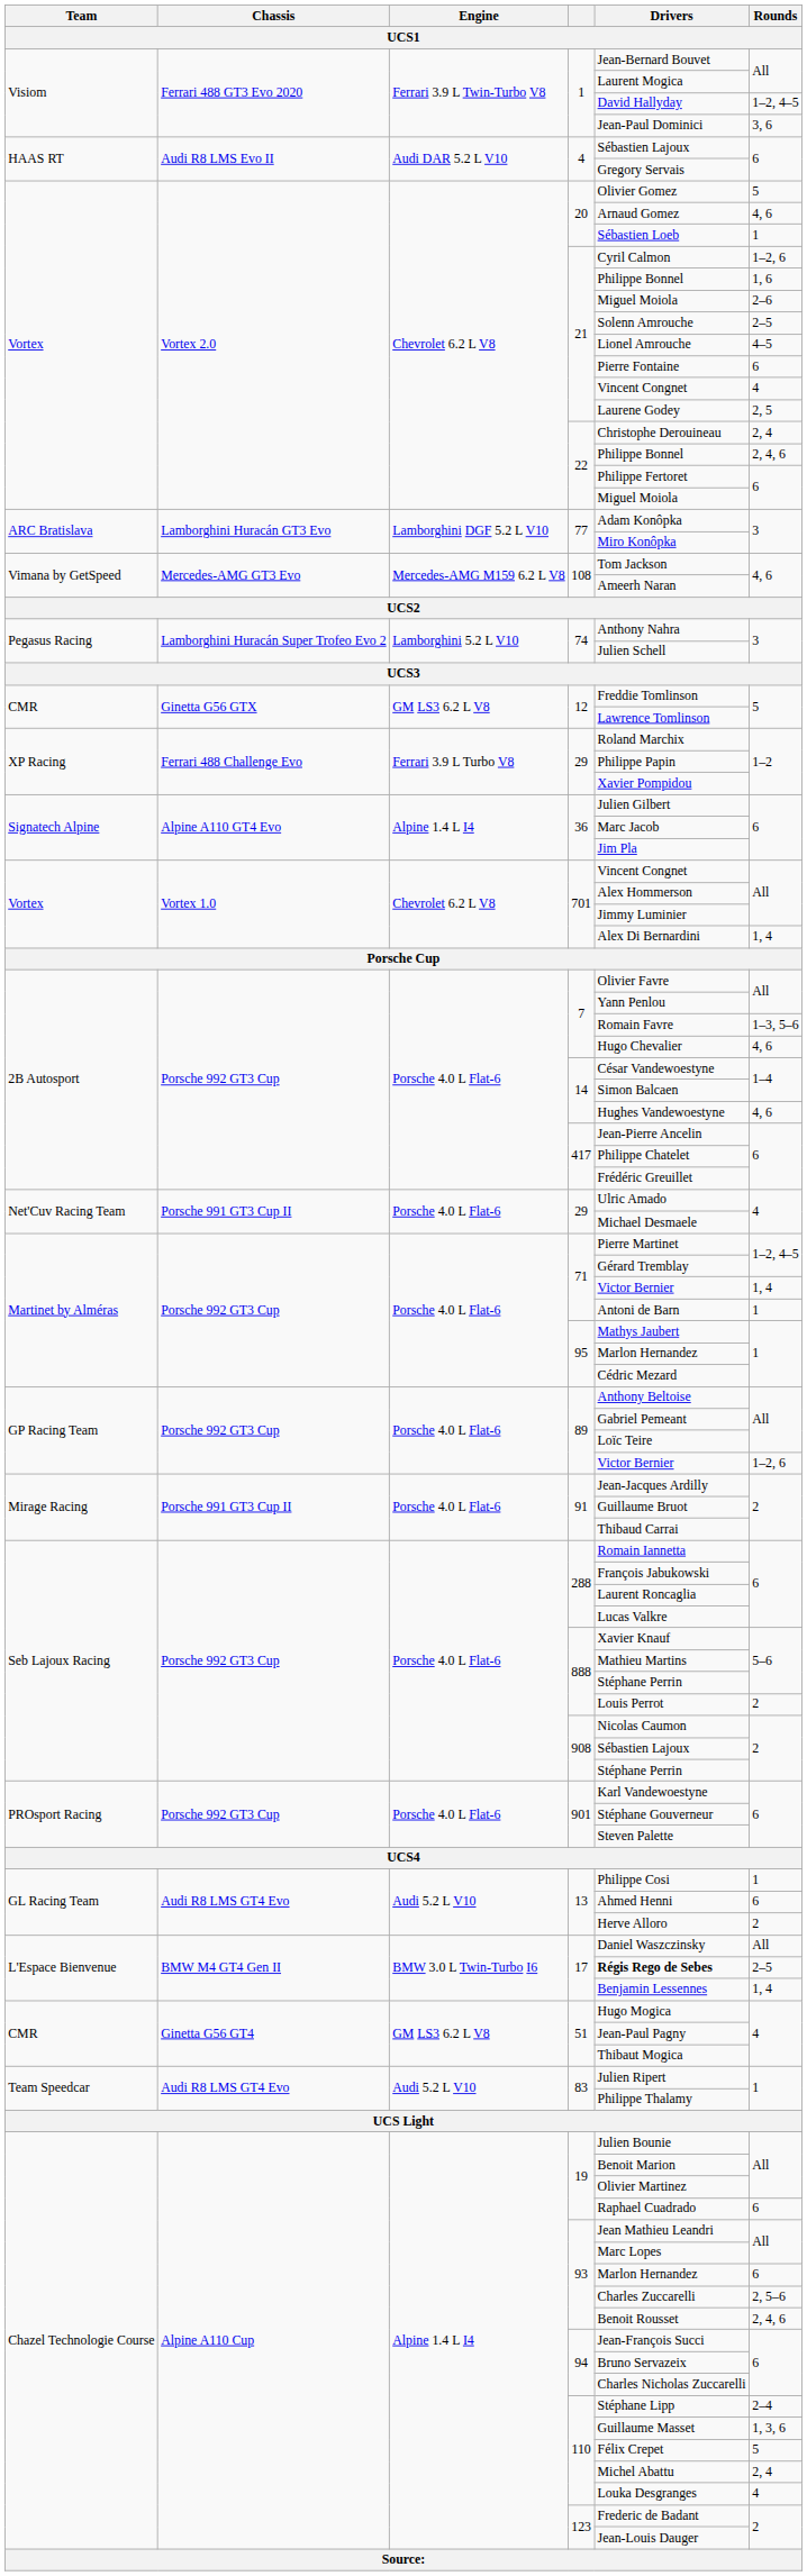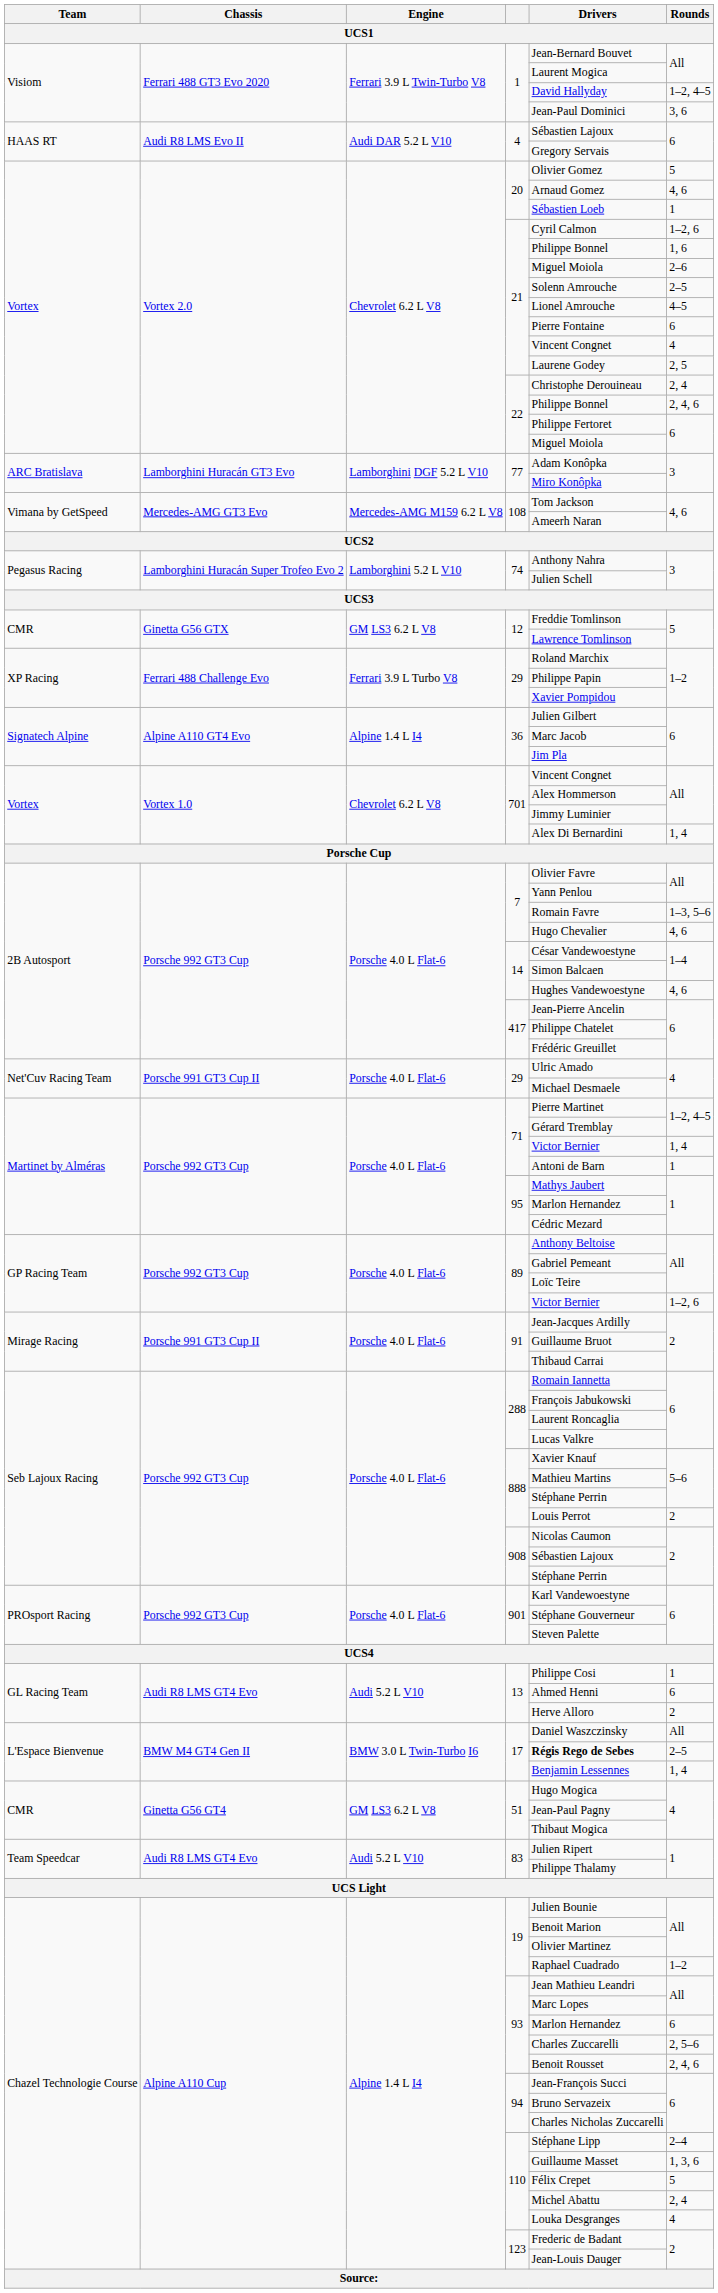 <table class="wikitable" style="font-size: 85%;">
 <tr>
 <th>Team</th>
 <th>Chassis</th>
 <th>Engine</th>
 <th></th>
 <th>Drivers</th>
 <th>Rounds</th>
 </tr>
 <tr>
 <th colspan=6>UCS1</th>
 </tr>
 <tr>
 <td rowspan=4> Visiom</td>
 <td rowspan=4><a href='#'>Ferrari 488 GT3 Evo 2020</a></td>
 <td rowspan=4><a href='#'>Ferrari</a> 3.9 L <a href='#'>Twin-Turbo</a> <a href='#'>V8</a></td>
 <td rowspan=4 align="center">1</td>
 <td> Jean-Bernard Bouvet</td>
 <td rowspan=2>All</td>
 </tr>
 <tr>
 <td> Laurent Mogica</td>
 </tr>
 <tr>
 <td> <a href='#'>David Hallyday</a></td>
 <td>1–2, 4–5</td>
 </tr>
 <tr>
 <td> Jean-Paul Dominici</td>
 <td>3, 6</td>
 </tr>
 <tr>
 <td rowspan=2> HAAS RT</td>
 <td rowspan=2><a href='#'>Audi R8 LMS Evo II</a></td>
 <td rowspan=2><a href='#'>Audi DAR</a> 5.2 L <a href='#'>V10</a></td>
 <td rowspan=2 align="center">4</td>
 <td> Sébastien Lajoux</td>
 <td rowspan=2>6</td>
 </tr>
 <tr>
 <td> Gregory Servais</td>
 </tr>
 <tr>
 <td rowspan=15> <a href='#'>Vortex</a></td>
 <td rowspan=15><a href='#'>Vortex 2.0</a></td>
 <td rowspan=15><a href='#'>Chevrolet</a> 6.2 L <a href='#'>V8</a></td>
 <td rowspan=3 align=center>20</td>
 <td> Olivier Gomez</td>
 <td>5</td>
 </tr>
 <tr>
 <td> Arnaud Gomez</td>
 <td>4, 6</td>
 </tr>
 <tr>
 <td> <a href='#'>Sébastien Loeb</a></td>
 <td>1</td>
 </tr>
 <tr>
 <td rowspan=8 align=center>21</td>
 <td> Cyril Calmon</td>
 <td>1–2, 6</td>
 </tr>
 <tr>
 <td> Philippe Bonnel</td>
 <td>1, 6</td>
 </tr>
 <tr>
 <td> Miguel Moiola</td>
 <td>2–6</td>
 </tr>
 <tr>
 <td> Solenn Amrouche</td>
 <td>2–5</td>
 </tr>
 <tr>
 <td> Lionel Amrouche</td>
 <td>4–5</td>
 </tr>
 <tr>
 <td> Pierre Fontaine</td>
 <td>6</td>
 </tr>
 <tr>
 <td> Vincent Congnet</td>
 <td>4</td>
 </tr>
 <tr>
 <td> Laurene Godey</td>
 <td>2, 5</td>
 </tr>
 <tr>
 <td rowspan=4 align=center>22</td>
 <td> Christophe Derouineau</td>
 <td>2, 4</td>
 </tr>
 <tr>
 <td> Philippe Bonnel</td>
 <td>2, 4, 6</td>
 </tr>
 <tr>
 <td> Philippe Fertoret</td>
 <td rowspan=2>6</td>
 </tr>
 <tr>
 <td> Miguel Moiola</td>
 </tr>
 <tr>
 <td rowspan=2> <a href='#'>ARC Bratislava</a></td>
 <td rowspan=2><a href='#'>Lamborghini Huracán GT3 Evo</a></td>
 <td rowspan=2><a href='#'>Lamborghini</a> <a href='#'>DGF</a> 5.2 L <a href='#'>V10</a></td>
 <td rowspan=2 align="center">77</td>
 <td> Adam Konôpka</td>
 <td rowspan=2>3</td>
 </tr>
 <tr>
 <td> <a href='#'>Miro Konôpka</a></td>
 </tr>
 <tr>
 <td rowspan=2> Vimana by GetSpeed</td>
 <td rowspan=2><a href='#'>Mercedes-AMG GT3 Evo</a></td>
 <td rowspan=2><a href='#'>Mercedes-AMG M159</a> 6.2 L <a href='#'>V8</a></td>
 <td rowspan=2 align=center>108</td>
 <td> Tom Jackson</td>
 <td rowspan=2>4, 6</td>
 </tr>
 <tr>
 <td> Ameerh Naran</td>
 </tr>
 <tr>
 <th colspan=6>UCS2</th>
 </tr>
 <tr>
 <td rowspan=2> Pegasus Racing</td>
 <td rowspan=2><a href='#'>Lamborghini Huracán Super Trofeo Evo 2</a></td>
 <td rowspan=2><a href='#'>Lamborghini</a> 5.2 L <a href='#'>V10</a></td>
 <td rowspan=2 align="center">74</td>
 <td> Anthony Nahra</td>
 <td rowspan=2>3</td>
 </tr>
 <tr>
 <td> Julien Schell</td>
 </tr>
 <tr>
 <th colspan=6>UCS3</th>
 </tr>
 <tr>
 <td rowspan=2> CMR</td>
 <td rowspan=2><a href='#'>Ginetta G56 GTX</a></td>
 <td rowspan=2><a href='#'>GM</a> <a href='#'>LS3</a> 6.2 L <a href='#'>V8</a></td>
 <td rowspan=2 align=center>12</td>
 <td> Freddie Tomlinson</td>
 <td rowspan=2>5</td>
 </tr>
 <tr>
 <td> <a href='#'>Lawrence Tomlinson</a></td>
 </tr>
 <tr>
 <td rowspan=3> XP Racing</td>
 <td rowspan=3><a href='#'>Ferrari 488 Challenge Evo</a></td>
 <td rowspan=3><a href='#'>Ferrari</a> 3.9 L Turbo <a href='#'>V8</a></td>
 <td rowspan=3 align="center">29</td>
 <td> Roland Marchix</td>
 <td rowspan=3>1–2</td>
 </tr>
 <tr>
 <td> Philippe Papin</td>
 </tr>
 <tr>
 <td> <a href='#'>Xavier Pompidou</a></td>
 </tr>
 <tr>
 <td rowspan=3> <a href='#'>Signatech Alpine</a></td>
 <td rowspan=3><a href='#'>Alpine A110 GT4 Evo</a></td>
 <td rowspan=3><a href='#'>Alpine</a> 1.4 L <a href='#'>I4</a></td>
 <td rowspan=3 align=center>36</td>
 <td> Julien Gilbert</td>
 <td rowspan=3>6</td>
 </tr>
 <tr>
 <td> Marc Jacob</td>
 </tr>
 <tr>
 <td> <a href='#'>Jim Pla</a></td>
 </tr>
 <tr>
 <td rowspan=4> <a href='#'>Vortex</a></td>
 <td rowspan=4><a href='#'>Vortex 1.0</a></td>
 <td rowspan=4><a href='#'>Chevrolet</a> 6.2 L <a href='#'>V8</a></td>
 <td rowspan=4 align=center>701</td>
 <td> Vincent Congnet</td>
 <td rowspan=3>All</td>
 </tr>
 <tr>
 <td> Alex Hommerson</td>
 </tr>
 <tr>
 <td> Jimmy Luminier</td>
 </tr>
 <tr>
 <td> Alex Di Bernardini</td>
 <td>1, 4</td>
 </tr>
 <tr>
 <th colspan=6>Porsche Cup</th>
 </tr>
 <tr>
 <td rowspan=10> 2B Autosport</td>
 <td rowspan=10><a href='#'>Porsche 992 GT3 Cup</a></td>
 <td rowspan=10><a href='#'>Porsche</a> 4.0 L <a href='#'>Flat-6</a></td>
 <td rowspan=4 align=center>7</td>
 <td> Olivier Favre</td>
 <td rowspan=2>All</td>
 </tr>
 <tr>
 <td> Yann Penlou</td>
 </tr>
 <tr>
 <td> Romain Favre</td>
 <td>1–3, 5–6</td>
 </tr>
 <tr>
 <td> Hugo Chevalier</td>
 <td>4, 6</td>
 </tr>
 <tr>
 <td rowspan=3 align=center>14</td>
 <td> César Vandewoestyne</td>
 <td rowspan=2>1–4</td>
 </tr>
 <tr>
 <td> Simon Balcaen</td>
 </tr>
 <tr>
 <td> Hughes Vandewoestyne</td>
 <td>4, 6</td>
 </tr>
 <tr>
 <td rowspan=3 align=center>417</td>
 <td> Jean-Pierre Ancelin</td>
 <td rowspan=3>6</td>
 </tr>
 <tr>
 <td> Philippe Chatelet</td>
 </tr>
 <tr>
 <td> Frédéric Greuillet</td>
 </tr>
 <tr>
 <td rowspan=2> Net'Cuv Racing Team</td>
 <td rowspan=2><a href='#'>Porsche 991 GT3 Cup II</a></td>
 <td rowspan=2><a href='#'>Porsche</a> 4.0 L <a href='#'>Flat-6</a></td>
 <td rowspan=2 align=center>29</td>
 <td> Ulric Amado</td>
 <td rowspan=2>4</td>
 </tr>
 <tr>
 <td> Michael Desmaele</td>
 </tr>
 <tr>
 <td rowspan=7> <a href='#'>Martinet by Alméras</a></td>
 <td rowspan=7><a href='#'>Porsche 992 GT3 Cup</a></td>
 <td rowspan=7><a href='#'>Porsche</a> 4.0 L <a href='#'>Flat-6</a></td>
 <td rowspan=4 align=center>71</td>
 <td> Pierre Martinet</td>
 <td rowspan=2>1–2, 4–5</td>
 </tr>
 <tr>
 <td> Gérard Tremblay</td>
 </tr>
 <tr>
 <td> <a href='#'>Victor Bernier</a></td>
 <td>1, 4</td>
 </tr>
 <tr>
 <td> Antoni de Barn</td>
 <td>1</td>
 </tr>
 <tr>
 <td rowspan=3 align=center>95</td>
 <td> <a href='#'>Mathys Jaubert</a></td>
 <td rowspan=3>1</td>
 </tr>
 <tr>
 <td> Marlon Hernandez</td>
 </tr>
 <tr>
 <td> Cédric Mezard</td>
 </tr>
 <tr>
 <td rowspan=4> GP Racing Team</td>
 <td rowspan=4><a href='#'>Porsche 992 GT3 Cup</a></td>
 <td rowspan=4><a href='#'>Porsche</a> 4.0 L <a href='#'>Flat-6</a></td>
 <td rowspan=4 align=center>89</td>
 <td> <a href='#'>Anthony Beltoise</a></td>
 <td rowspan=3>All</td>
 </tr>
 <tr>
 <td> Gabriel Pemeant</td>
 </tr>
 <tr>
 <td> Loïc Teire</td>
 </tr>
 <tr>
 <td> <a href='#'>Victor Bernier</a></td>
 <td>1–2, 6</td>
 </tr>
 <tr>
 <td rowspan=3> Mirage Racing</td>
 <td rowspan=3><a href='#'>Porsche 991 GT3 Cup II</a></td>
 <td rowspan=3><a href='#'>Porsche</a> 4.0 L <a href='#'>Flat-6</a></td>
 <td rowspan=3 align=center>91</td>
 <td> Jean-Jacques Ardilly</td>
 <td rowspan=3>2</td>
 </tr>
 <tr>
 <td> Guillaume Bruot</td>
 </tr>
 <tr>
 <td> Thibaud Carrai</td>
 </tr>
 <tr>
 <td rowspan=11> Seb Lajoux Racing</td>
 <td rowspan=11><a href='#'>Porsche 992 GT3 Cup</a></td>
 <td rowspan=11><a href='#'>Porsche</a> 4.0 L <a href='#'>Flat-6</a></td>
 <td rowspan=4 align=center>288</td>
 <td> <a href='#'>Romain Iannetta</a></td>
 <td rowspan=4>6</td>
 </tr>
 <tr>
 <td> François Jabukowski</td>
 </tr>
 <tr>
 <td> Laurent Roncaglia</td>
 </tr>
 <tr>
 <td> Lucas Valkre</td>
 </tr>
 <tr>
 <td rowspan=4 align=center>888</td>
 <td> Xavier Knauf</td>
 <td rowspan=3>5–6</td>
 </tr>
 <tr>
 <td> Mathieu Martins</td>
 </tr>
 <tr>
 <td> Stéphane Perrin</td>
 </tr>
 <tr>
 <td> Louis Perrot</td>
 <td>2</td>
 </tr>
 <tr>
 <td rowspan=3 align=center>908</td>
 <td> Nicolas Caumon</td>
 <td rowspan=3>2</td>
 </tr>
 <tr>
 <td> Sébastien Lajoux</td>
 </tr>
 <tr>
 <td> Stéphane Perrin</td>
 </tr>
 <tr>
 <td rowspan=3> PROsport Racing</td>
 <td rowspan=3><a href='#'>Porsche 992 GT3 Cup</a></td>
 <td rowspan=3><a href='#'>Porsche</a> 4.0 L <a href='#'>Flat-6</a></td>
 <td rowspan=3 align=center>901</td>
 <td> Karl Vandewoestyne</td>
 <td rowspan=3>6</td>
 </tr>
 <tr>
 <td> Stéphane Gouverneur</td>
 </tr>
 <tr>
 <td> Steven Palette</td>
 </tr>
 <tr>
 <th colspan=6>UCS4</th>
 </tr>
 <tr>
 <td rowspan=3> GL Racing Team</td>
 <td rowspan=3><a href='#'>Audi R8 LMS GT4 Evo</a></td>
 <td rowspan=3><a href='#'>Audi</a> 5.2 L <a href='#'>V10</a></td>
 <td rowspan=3 align=center>13</td>
 <td> Philippe Cosi</td>
 <td>1</td>
 </tr>
 <tr>
 <td> Ahmed Henni</td>
 <td>6</td>
 </tr>
 <tr>
 <td> Herve Alloro</td>
 <td>2</td>
 </tr>
 <tr>
 <td rowspan=3> L'Espace Bienvenue</td>
 <td rowspan=3><a href='#'>BMW M4 GT4 Gen II</a></td>
 <td rowspan=3><a href='#'>BMW</a> 3.0 L <a href='#'>Twin-Turbo</a> <a href='#'>I6</a></td>
 <td rowspan=3 align=center>17</td>
 <td> Daniel Waszczinsky</td>
 <td>All</td>
 </tr>
 <tr>
 <td><strong> Régis Rego de Sebes</strong></td>
 <td>2–5</td>
 </tr>
 <tr>
 <td> <a href='#'>Benjamin Lessennes</a></td>
 <td>1, 4</td>
 </tr>
 <tr>
 <td rowspan=3> CMR</td>
 <td rowspan=3><a href='#'>Ginetta G56 GT4</a></td>
 <td rowspan=3><a href='#'>GM</a> <a href='#'>LS3</a> 6.2 L <a href='#'>V8</a></td>
 <td rowspan=3 align=center>51</td>
 <td> Hugo Mogica</td>
 <td rowspan=3>4</td>
 </tr>
 <tr>
 <td> Jean-Paul Pagny</td>
 </tr>
 <tr>
 <td> Thibaut Mogica</td>
 </tr>
 <tr>
 <td rowspan=2> Team Speedcar</td>
 <td rowspan=2><a href='#'>Audi R8 LMS GT4 Evo</a></td>
 <td rowspan=2><a href='#'>Audi</a> 5.2 L <a href='#'>V10</a></td>
 <td rowspan=2 align=center>83</td>
 <td> Julien Ripert</td>
 <td rowspan=2>1</td>
 </tr>
 <tr>
 <td> Philippe Thalamy</td>
 </tr>
 <tr>
 <th colspan=6>UCS Light</th>
 </tr>
 <tr>
 <td rowspan=19> Chazel Technologie Course</td>
 <td rowspan=19><a href='#'>Alpine A110 Cup</a></td>
 <td rowspan=19><a href='#'>Alpine</a> 1.4 L <a href='#'>I4</a></td>
 <td rowspan=4 align=center>19</td>
 <td> Julien Bounie</td>
 <td rowspan=3>All</td>
 </tr>
 <tr>
 <td> Benoit Marion</td>
 </tr>
 <tr>
 <td> Olivier Martinez</td>
 </tr>
 <tr>
 <td> Raphael Cuadrado</td>
-<td>6</td>
+<td>1–2</td>
 </tr>
 <tr>
 <td rowspan=5 align=center>93</td>
 <td> Jean Mathieu Leandri</td>
 <td rowspan=2>All</td>
 </tr>
 <tr>
 <td> Marc Lopes</td>
 </tr>
 <tr>
 <td> Marlon Hernandez</td>
 <td>6</td>
 </tr>
 <tr>
 <td> Charles Zuccarelli</td>
 <td>2, 5–6</td>
 </tr>
 <tr>
 <td> Benoit Rousset</td>
 <td>2, 4, 6</td>
 </tr>
 <tr>
 <td rowspan=3 align=center>94</td>
 <td> Jean-François Succi</td>
 <td rowspan=3>6</td>
 </tr>
 <tr>
 <td> Bruno Servazeix</td>
 </tr>
 <tr>
 <td> Charles Nicholas Zuccarelli</td>
 </tr>
 <tr>
 <td rowspan=5 align=center>110</td>
 <td> Stéphane Lipp</td>
 <td>2–4</td>
 </tr>
 <tr>
 <td> Guillaume Masset</td>
 <td>1, 3, 6</td>
 </tr>
 <tr>
 <td> Félix Crepet</td>
 <td>5</td>
 </tr>
 <tr>
 <td> Michel Abattu</td>
 <td>2, 4</td>
 </tr>
 <tr>
 <td> Louka Desgranges</td>
 <td>4</td>
 </tr>
 <tr>
 <td rowspan=2 align=center>123</td>
 <td> Frederic de Badant</td>
 <td rowspan=2>2</td>
 </tr>
 <tr>
 <td> Jean-Louis Dauger</td>
 </tr>
 <tr>
 <th colspan=7>Source:</th>
 </tr>
 </table>
